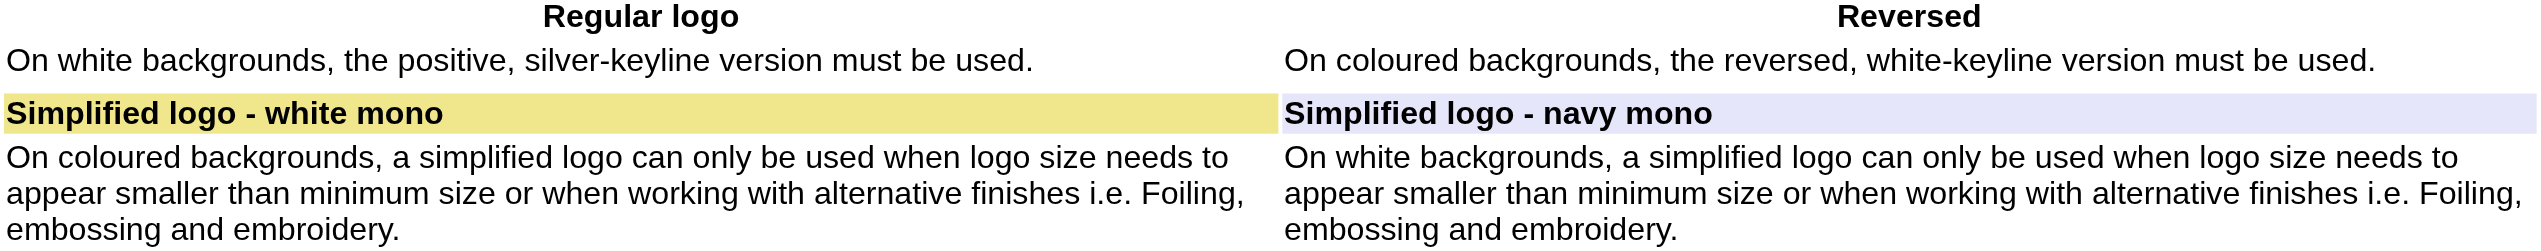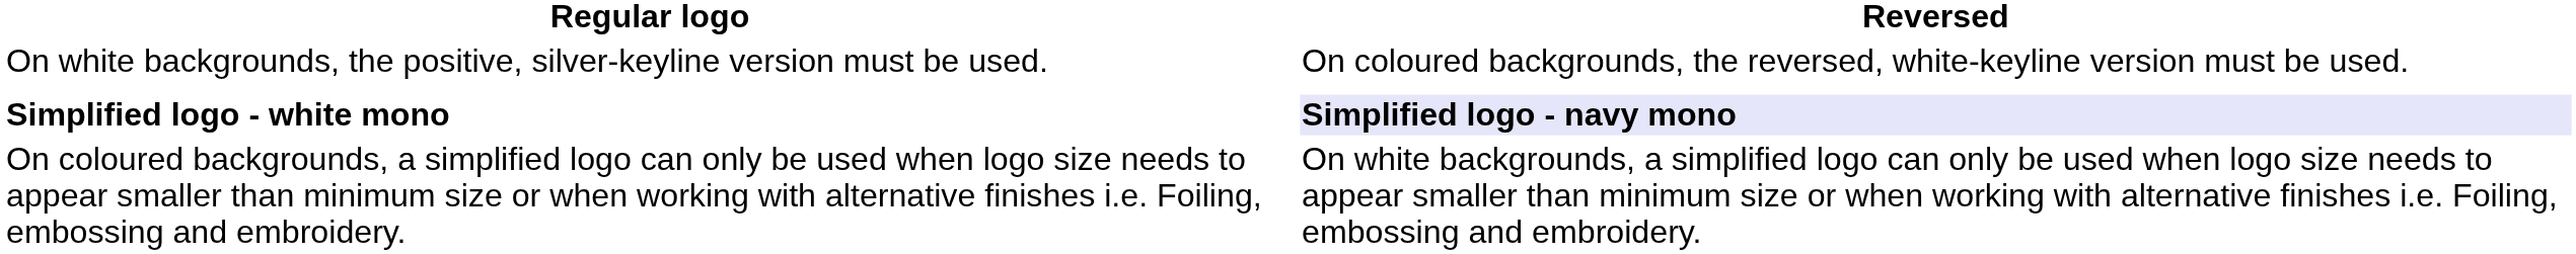 <table>
 <tr>
 <th>Regular logo</th>
 <th>Reversed</th>
 </tr>
 <tr>
 <td>On white backgrounds, the positive, silver-keyline version must be used.</td>
 <td>On coloured backgrounds, the reversed, white-keyline version must be used.</td>
 </tr>
 <tr>
 <td></td>
 <td></td>
 </tr>
 <tr>
-<td style="background: khaki;"><strong>Simplified logo - white mono</strong></td>
+<td><strong>Simplified logo - white mono</strong></td>
 <td style="background: lavender;"><strong>Simplified logo - navy mono</strong></td>
 </tr>
 <tr>
 <td>On coloured backgrounds, a simplified logo can only be used when logo size needs to appear smaller than minimum size or when working with alternative finishes i.e. Foiling, embossing and embroidery.</td>
 <td>On white backgrounds, a simplified logo can only be used when logo size needs to appear smaller than minimum size or when working with alternative finishes i.e. Foiling, embossing and embroidery.</td>
 </tr>
 <tr>
 <td></td>
 <td></td>
 </tr>
 </table>
